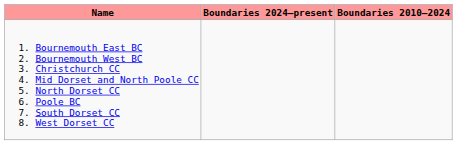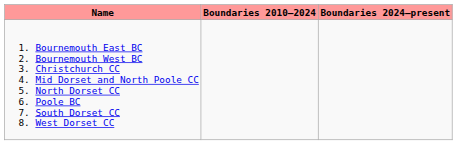 <table class="wikitable">
 <tr>
 <th style="background-color:#ff9999">Name</th>
+<th style="background-color:#ff9999">Boundaries 2010–2024</th>
 <th style="background-color:#ff9999">Boundaries 2024–present</th>
-<th style="background-color:#ff9999">Boundaries 2010–2024</th>
 </tr>
 <tr>
 <td><br><ol><li><a href='#'>Bournemouth East BC</a></li><li><a href='#'>Bournemouth West BC</a></li><li><a href='#'>Christchurch CC</a></li><li><a href='#'>Mid Dorset and North Poole CC</a></li><li><a href='#'>North Dorset CC</a></li><li><a href='#'>Poole BC</a></li><li><a href='#'>South Dorset CC</a></li><li><a href='#'>West Dorset CC</a></li></ol></td>
 <td></td>
 <td></td>
 </tr>
 </table>
